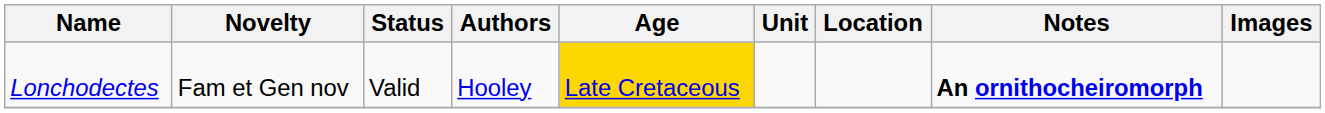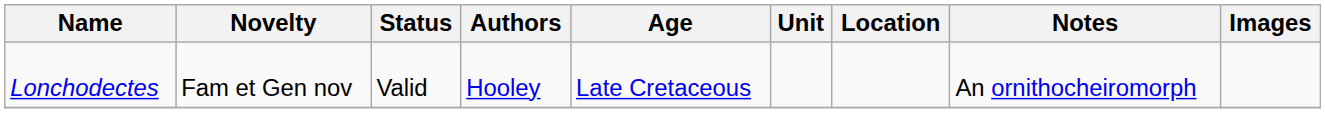 <table class="wikitable sortable" align="center" width="100%">
 <tr>
 <th>Name</th>
 <th>Novelty</th>
 <th>Status</th>
 <th>Authors</th>
 <th>Age</th>
 <th>Unit</th>
 <th>Location</th>
 <th>Notes</th>
 <th>Images</th>
 </tr>
 <tr>
 <td><br><em><a href='#'>Lonchodectes</a></em></td>
 <td><br>Fam et Gen nov</td>
 <td><br>Valid</td>
 <td><br><a href='#'>Hooley</a></td>
-<td style="background: gold;"><br><a href='#'>Late Cretaceous</a></td>
+<td><br><a href='#'>Late Cretaceous</a></td>
 <td></td>
 <td><br></td>
-<td><strong><br>An <a href='#'>ornithocheiromorph</a></strong></td>
+<td><br>An <a href='#'>ornithocheiromorph</a></td>
 <td><br></td>
 </tr>
 <tr>
 </tr>
 </table>
